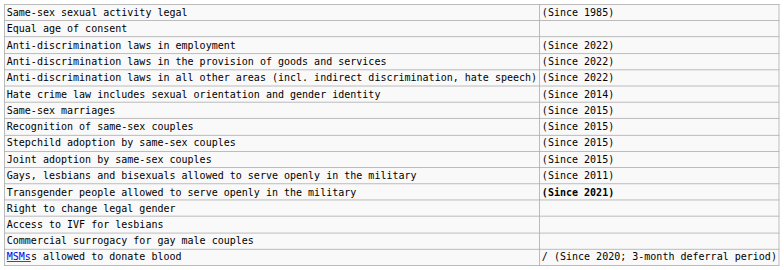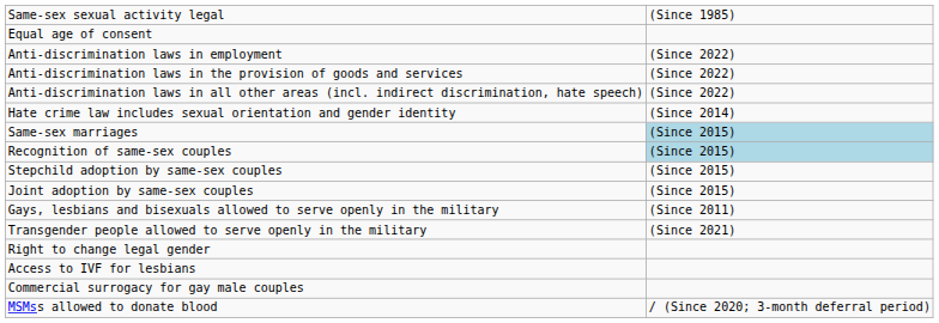 <table class="wikitable">
 <tr>
 <td>Same-sex sexual activity legal</td>
 <td> (Since 1985)</td>
 </tr>
 <tr>
 <td>Equal age of consent</td>
 <td></td>
 </tr>
 <tr>
 <td>Anti-discrimination laws in employment</td>
 <td> (Since 2022)</td>
 </tr>
 <tr>
 <td>Anti-discrimination laws in the provision of goods and services</td>
 <td> (Since 2022)</td>
 </tr>
 <tr>
 <td>Anti-discrimination laws in all other areas (incl. indirect discrimination, hate speech)</td>
 <td> (Since 2022)</td>
 </tr>
 <tr>
 <td>Hate crime law includes sexual orientation and gender identity</td>
 <td> (Since 2014)</td>
 </tr>
 <tr>
 <td>Same-sex marriages</td>
-<td> (Since 2015)</td>
+<td style="background: lightblue;"> (Since 2015)</td>
 </tr>
 <tr>
 <td>Recognition of same-sex couples</td>
-<td> (Since 2015)</td>
+<td style="background: lightblue;"> (Since 2015)</td>
 </tr>
 <tr>
 <td>Stepchild adoption by same-sex couples</td>
 <td> (Since 2015)</td>
 </tr>
 <tr>
 <td>Joint adoption by same-sex couples</td>
 <td> (Since 2015)</td>
 </tr>
 <tr>
 <td>Gays, lesbians and bisexuals allowed to serve openly in the military</td>
 <td> (Since 2011)</td>
 </tr>
 <tr>
 <td>Transgender people allowed to serve openly in the military</td>
-<td><strong> (Since 2021)</strong></td>
+<td> (Since 2021)</td>
 </tr>
 <tr>
 <td>Right to change legal gender</td>
 <td></td>
 </tr>
 <tr>
 <td>Access to IVF for lesbians</td>
 <td></td>
 </tr>
 <tr>
 <td>Commercial surrogacy for gay male couples</td>
 <td></td>
 </tr>
 <tr>
 <td><a href='#'>MSMs</a>s allowed to donate blood</td>
 <td>/ (Since 2020; 3-month deferral period)</td>
 </tr>
 </table>
